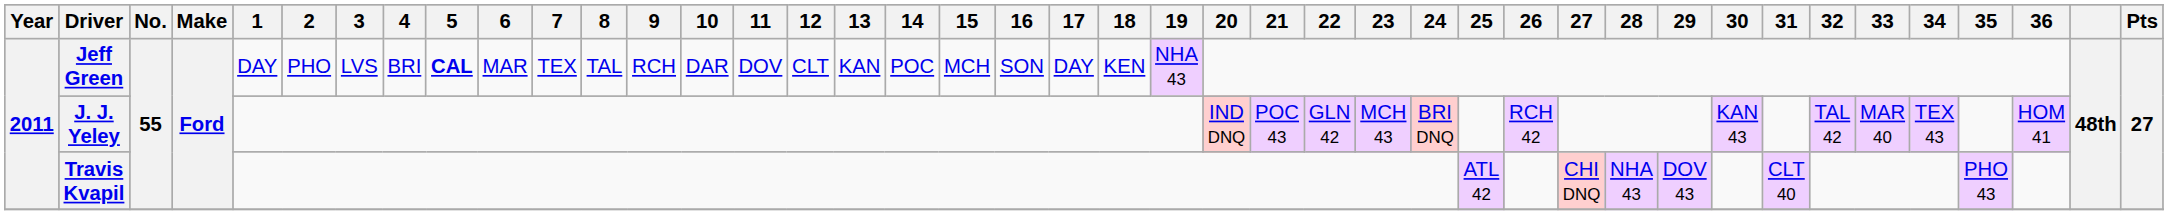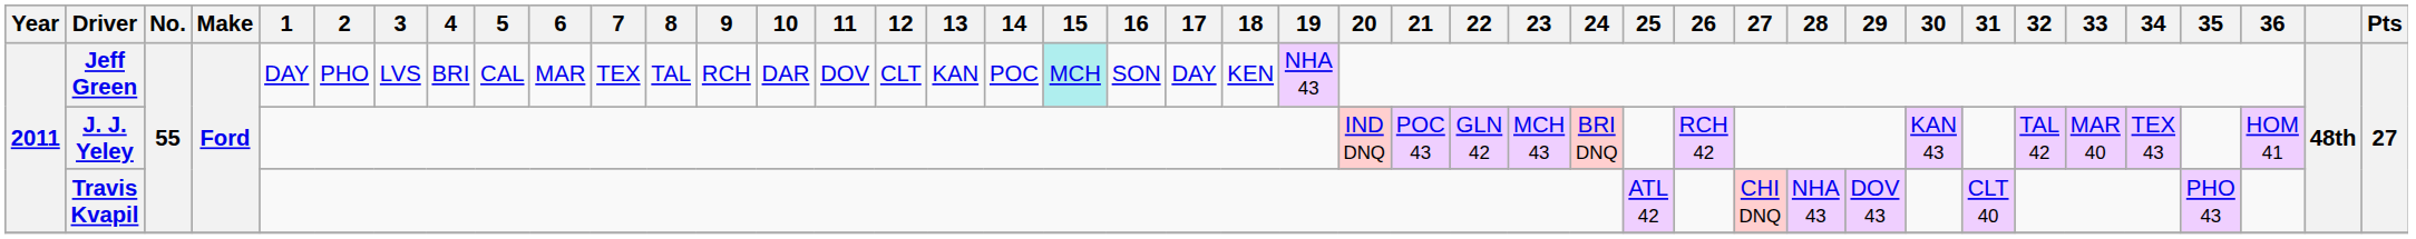 <table class="wikitable" style="text-align:center; font-size:75%">
 <tr>
 <th>Year</th>
 <th>Driver</th>
 <th>No.</th>
 <th>Make</th>
 <th>1</th>
 <th>2</th>
 <th>3</th>
 <th>4</th>
 <th>5</th>
 <th>6</th>
 <th>7</th>
 <th>8</th>
 <th>9</th>
 <th>10</th>
 <th>11</th>
 <th>12</th>
 <th>13</th>
 <th>14</th>
 <th>15</th>
 <th>16</th>
 <th>17</th>
 <th>18</th>
 <th>19</th>
 <th>20</th>
 <th>21</th>
 <th>22</th>
 <th>23</th>
 <th>24</th>
 <th>25</th>
 <th>26</th>
 <th>27</th>
 <th>28</th>
 <th>29</th>
 <th>30</th>
 <th>31</th>
 <th>32</th>
 <th>33</th>
 <th>34</th>
 <th>35</th>
 <th>36</th>
 <th></th>
 <th>Pts</th>
 </tr>
 <tr>
 <th rowspan=3><a href='#'>2011</a></th>
 <th><a href='#'>Jeff Green</a></th>
 <th rowspan=3>55</th>
 <th rowspan=3><a href='#'>Ford</a></th>
 <td><a href='#'>DAY</a></td>
 <td><a href='#'>PHO</a></td>
 <td><a href='#'>LVS</a></td>
 <td><a href='#'>BRI</a></td>
-<td><strong><a href='#'>CAL</a></strong></td>
+<td><a href='#'>CAL</a></td>
 <td><a href='#'>MAR</a></td>
 <td><a href='#'>TEX</a></td>
 <td><a href='#'>TAL</a></td>
 <td><a href='#'>RCH</a></td>
 <td><a href='#'>DAR</a></td>
 <td><a href='#'>DOV</a></td>
 <td><a href='#'>CLT</a></td>
 <td><a href='#'>KAN</a></td>
 <td><a href='#'>POC</a></td>
-<td><a href='#'>MCH</a></td>
+<td style="background: paleturquoise;"><a href='#'>MCH</a></td>
 <td><a href='#'>SON</a></td>
 <td><a href='#'>DAY</a></td>
 <td><a href='#'>KEN</a></td>
 <td style="background:#EFCFFF;"><a href='#'>NHA</a><br><small>43</small></td>
 <td colspan=17></td>
 <th rowspan=3>48th</th>
 <th rowspan=3>27</th>
 </tr>
 <tr>
 <th><a href='#'>J. J. Yeley</a></th>
 <td colspan=19></td>
 <td style="background:#FFCFCF;"><a href='#'>IND</a><br><small>DNQ</small></td>
 <td style="background:#EFCFFF;"><a href='#'>POC</a><br><small>43</small></td>
 <td style="background:#EFCFFF;"><a href='#'>GLN</a><br><small>42</small></td>
 <td style="background:#EFCFFF;"><a href='#'>MCH</a><br><small>43</small></td>
 <td style="background:#FFCFCF;"><a href='#'>BRI</a><br><small>DNQ</small></td>
 <td></td>
 <td style="background:#EFCFFF;"><a href='#'>RCH</a><br><small>42</small></td>
 <td colspan=3></td>
 <td style="background:#EFCFFF;"><a href='#'>KAN</a><br><small>43</small></td>
 <td></td>
 <td style="background:#EFCFFF;"><a href='#'>TAL</a><br><small>42</small></td>
 <td style="background:#EFCFFF;"><a href='#'>MAR</a><br><small>40</small></td>
 <td style="background:#EFCFFF;"><a href='#'>TEX</a><br><small>43</small></td>
 <td></td>
 <td style="background:#EFCFFF;"><a href='#'>HOM</a><br><small>41</small></td>
 </tr>
 <tr>
 <th><a href='#'>Travis Kvapil</a></th>
 <td colspan=24></td>
 <td style="background:#EFCFFF;"><a href='#'>ATL</a><br><small>42</small></td>
 <td></td>
 <td style="background:#FFCFCF;"><a href='#'>CHI</a><br><small>DNQ</small></td>
 <td style="background:#EFCFFF;"><a href='#'>NHA</a><br><small>43</small></td>
 <td style="background:#EFCFFF;"><a href='#'>DOV</a><br><small>43</small></td>
 <td></td>
 <td style="background:#EFCFFF;"><a href='#'>CLT</a><br><small>40</small></td>
 <td colspan=3></td>
 <td style="background:#EFCFFF;"><a href='#'>PHO</a><br><small>43</small></td>
 <td></td>
 </tr>
 <tr>
 </tr>
 </table>
